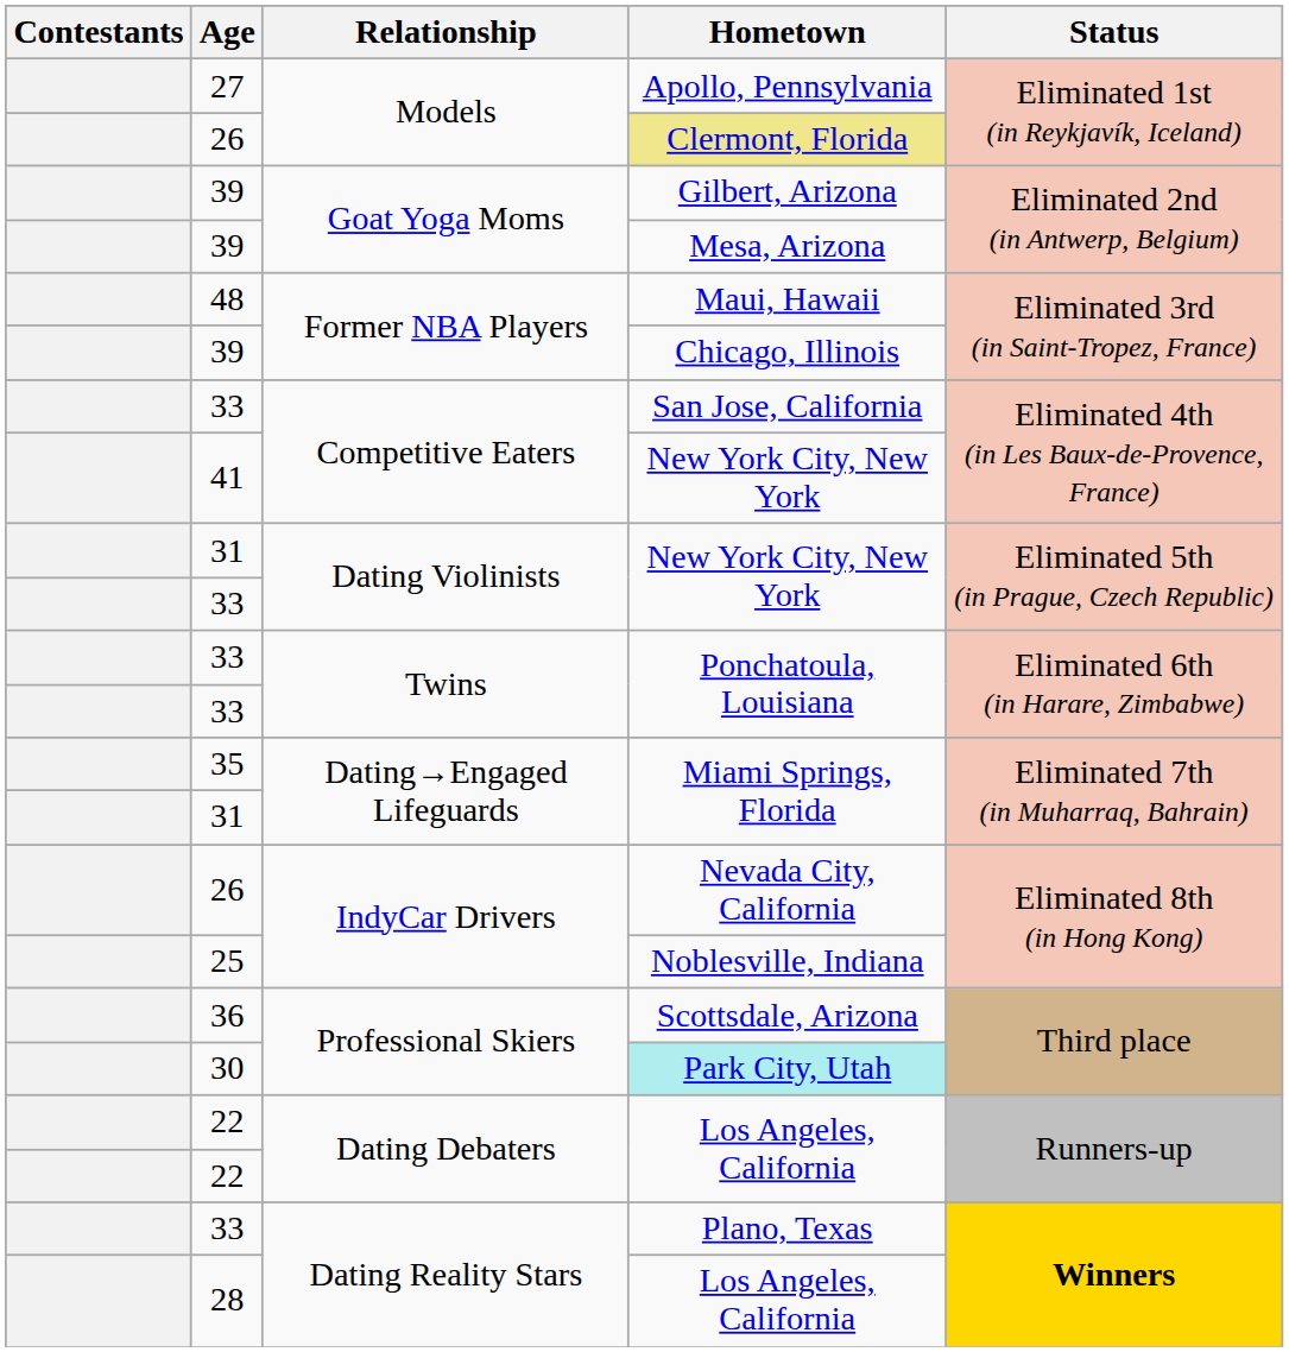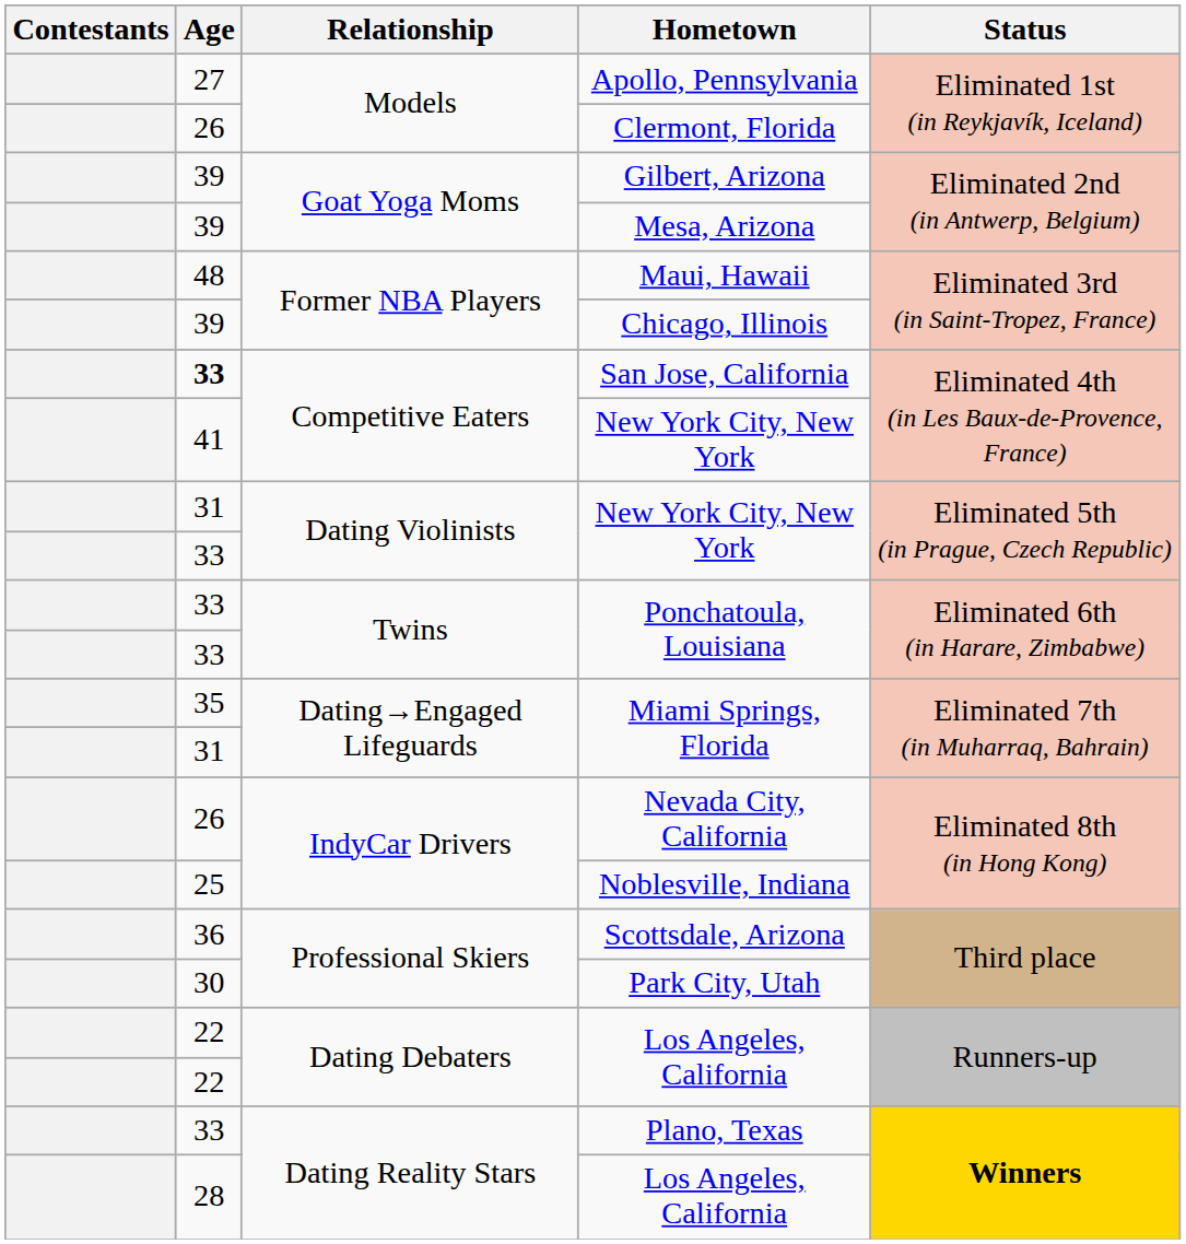 <table class="wikitable sortable" style="text-align:center;">
 <tr>
 <th scope="col">Contestants</th>
 <th scope="col">Age</th>
 <th class="unsortable" scope="col">Relationship</th>
 <th scope="col" class="unsortable">Hometown</th>
 <th scope="col">Status</th>
 </tr>
 <tr>
 <th scope="row"></th>
 <td>27</td>
 <td rowspan="2">Models<br><em></em></td>
 <td><a href='#'>Apollo, Pennsylvania</a></td>
 <td rowspan="2" bgcolor="f4c7b8">Eliminated 1st<br><small><em>(in Reykjavík, Iceland)</em></small></td>
 </tr>
 <tr>
 <th scope="row"></th>
 <td>26</td>
-<td style="background: khaki;"><a href='#'>Clermont, Florida</a></td>
+<td><a href='#'>Clermont, Florida</a></td>
 </tr>
 <tr>
 <th scope="row"></th>
 <td>39</td>
 <td rowspan="2"><a href='#'>Goat Yoga</a> Moms<br><em></em></td>
 <td><a href='#'>Gilbert, Arizona</a></td>
 <td rowspan="2" bgcolor="f4c7b8">Eliminated 2nd<br><small><em>(in Antwerp, Belgium)</em></small></td>
 </tr>
 <tr>
 <th scope="row"></th>
 <td>39</td>
 <td><a href='#'>Mesa, Arizona</a></td>
 </tr>
 <tr>
 <th scope="row"></th>
 <td>48</td>
 <td rowspan="2">Former <a href='#'>NBA</a> Players<br><em></em></td>
 <td><a href='#'>Maui, Hawaii</a></td>
 <td rowspan="2" bgcolor="f4c7b8">Eliminated 3rd<br><small><em>(in Saint-Tropez, France)</em></small></td>
 </tr>
 <tr>
 <th scope="row"></th>
 <td>39</td>
 <td><a href='#'>Chicago, Illinois</a></td>
 </tr>
 <tr>
 <th scope="row"></th>
-<td>33</td>
+<td><strong>33</strong></td>
 <td rowspan="2">Competitive Eaters<br><em></em></td>
 <td><a href='#'>San Jose, California</a></td>
 <td rowspan="2" bgcolor="f4c7b8">Eliminated 4th<br><small><em>(in Les Baux-de-Provence, France)</em></small></td>
 </tr>
 <tr>
 <th scope="row"></th>
 <td>41</td>
 <td><a href='#'>New York City, New York</a></td>
 </tr>
 <tr>
 <th scope="row"></th>
 <td>31</td>
 <td rowspan="2">Dating Violinists<br><em></em></td>
 <td rowspan="2"><a href='#'>New York City, New York</a></td>
 <td rowspan="2" bgcolor="f4c7b8">Eliminated 5th<br><small><em>(in Prague, Czech Republic)</em></small></td>
 </tr>
 <tr>
 <th scope="row"></th>
 <td>33</td>
 </tr>
 <tr>
 <th scope="row"></th>
 <td>33</td>
 <td rowspan="2">Twins<br><em></em></td>
 <td rowspan="2"><a href='#'>Ponchatoula, Louisiana</a></td>
 <td rowspan="2" bgcolor="f4c7b8">Eliminated 6th<br><small><em>(in Harare, Zimbabwe)</em></small></td>
 </tr>
 <tr>
 <th scope="row"></th>
 <td>33</td>
 </tr>
 <tr>
 <th scope="row"></th>
 <td>35</td>
 <td rowspan="2">Dating→Engaged Lifeguards<br><em></em></td>
 <td rowspan="2"><a href='#'>Miami Springs, Florida</a></td>
 <td rowspan="2" bgcolor="f4c7b8">Eliminated 7th<br><small><em>(in Muharraq, Bahrain)</em></small></td>
 </tr>
 <tr>
 <th scope="row"></th>
 <td>31</td>
 </tr>
 <tr>
 <th scope="row"></th>
 <td>26</td>
 <td rowspan="2"><a href='#'>IndyCar</a> Drivers<br><em></em></td>
 <td><a href='#'>Nevada City, California</a></td>
 <td rowspan="2" bgcolor="f4c7b8">Eliminated 8th<br><small><em>(in Hong Kong)</em></small></td>
 </tr>
 <tr>
 <th scope="row"></th>
 <td>25</td>
 <td><a href='#'>Noblesville, Indiana</a></td>
 </tr>
 <tr>
 <th scope="row"></th>
 <td>36</td>
 <td rowspan="2">Professional Skiers<br><em></em></td>
 <td><a href='#'>Scottsdale, Arizona</a></td>
 <td rowspan="2" bgcolor="tan">Third place</td>
 </tr>
 <tr>
 <th scope="row"></th>
 <td>30</td>
-<td style="background: paleturquoise;"><a href='#'>Park City, Utah</a></td>
+<td><a href='#'>Park City, Utah</a></td>
 </tr>
 <tr>
 <th scope="row"></th>
 <td>22</td>
 <td rowspan="2">Dating Debaters<br><em></em></td>
 <td rowspan="2"><a href='#'>Los Angeles, California</a></td>
 <td rowspan="2" bgcolor="silver">Runners-up</td>
 </tr>
 <tr>
 <th scope="row"></th>
 <td>22</td>
 </tr>
 <tr>
 <th scope="row"></th>
 <td>33</td>
 <td rowspan="2">Dating Reality Stars<br><em></em></td>
 <td><a href='#'>Plano, Texas</a></td>
 <td rowspan="2" bgcolor="gold"><strong>Winners</strong></td>
 </tr>
 <tr>
 <th scope="row"></th>
 <td>28</td>
 <td><a href='#'>Los Angeles, California</a></td>
 </tr>
 </table>
